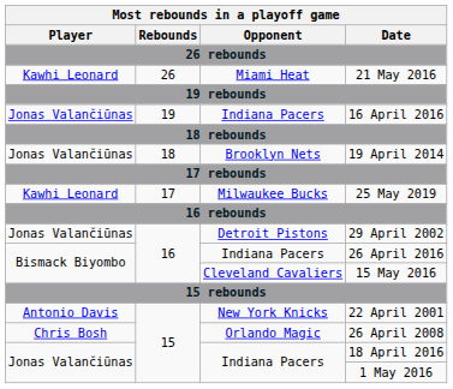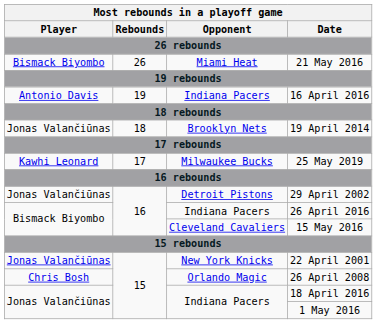 <table class="wikitable" style="text-align:center">
 <tr>
 <th colspan="4">Most rebounds in a playoff game</th>
 </tr>
 <tr>
 <th>Player</th>
 <th>Rebounds</th>
 <th>Opponent</th>
 <th>Date</th>
 </tr>
 <tr>
 <th colspan="4" style="text-align:center; background:#A1A1A4; color:#061922;">26 rebounds</th>
 </tr>
 <tr>
-<td><a href='#'>Kawhi Leonard</a></td>
+<td><a href='#'>Bismack Biyombo</a></td>
 <td>26</td>
 <td><a href='#'>Miami Heat</a></td>
 <td>21 May 2016</td>
 </tr>
 <tr>
 <th colspan="4" style="text-align:center; background:#A1A1A4; color:#061922;">19 rebounds</th>
 </tr>
 <tr>
-<td><a href='#'>Jonas Valančiūnas</a></td>
+<td><a href='#'>Antonio Davis</a></td>
 <td>19</td>
 <td><a href='#'>Indiana Pacers</a></td>
 <td>16 April 2016</td>
 </tr>
 <tr>
 <th colspan="4" style="text-align:center; background:#A1A1A4; color:#061922;">18 rebounds</th>
 </tr>
 <tr>
 <td>Jonas Valančiūnas</td>
 <td>18</td>
 <td><a href='#'>Brooklyn Nets</a></td>
 <td>19 April 2014</td>
 </tr>
 <tr>
 <th colspan="4" style="text-align:center; background:#A1A1A4; color:#061922;">17 rebounds</th>
 </tr>
 <tr>
 <td><a href='#'>Kawhi Leonard</a></td>
 <td>17</td>
 <td><a href='#'>Milwaukee Bucks</a></td>
 <td>25 May 2019</td>
 </tr>
 <tr>
 <th colspan="4" style="text-align:center; background:#A1A1A4; color:#061922;">16 rebounds</th>
 </tr>
 <tr>
 <td>Jonas Valančiūnas</td>
 <td rowspan=3>16</td>
 <td><a href='#'>Detroit Pistons</a></td>
 <td>29 April 2002</td>
 </tr>
 <tr>
 <td rowspan=2>Bismack Biyombo</td>
 <td>Indiana Pacers</td>
 <td>26 April 2016</td>
 </tr>
 <tr>
 <td><a href='#'>Cleveland Cavaliers</a></td>
 <td>15 May 2016</td>
 </tr>
 <tr>
 <th colspan="4" style="text-align:center; background:#A1A1A4; color:#061922;">15 rebounds</th>
 </tr>
 <tr>
-<td><a href='#'>Antonio Davis</a></td>
+<td><a href='#'>Jonas Valančiūnas</a></td>
 <td rowspan=4>15</td>
 <td><a href='#'>New York Knicks</a></td>
 <td>22 April 2001</td>
 </tr>
 <tr>
 <td><a href='#'>Chris Bosh</a></td>
 <td><a href='#'>Orlando Magic</a></td>
 <td>26 April 2008</td>
 </tr>
 <tr>
 <td rowspan=2>Jonas Valančiūnas</td>
 <td rowspan=2>Indiana Pacers</td>
 <td>18 April 2016</td>
 </tr>
 <tr>
 <td>1 May 2016</td>
 </tr>
 </table>
